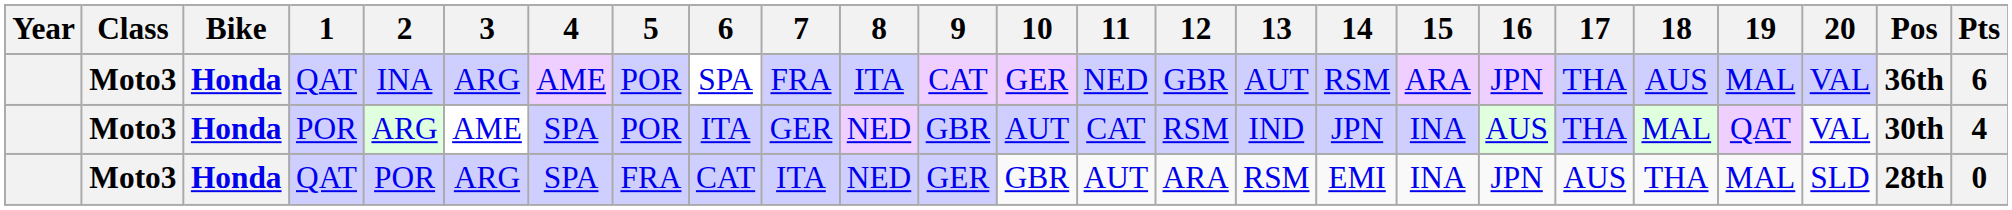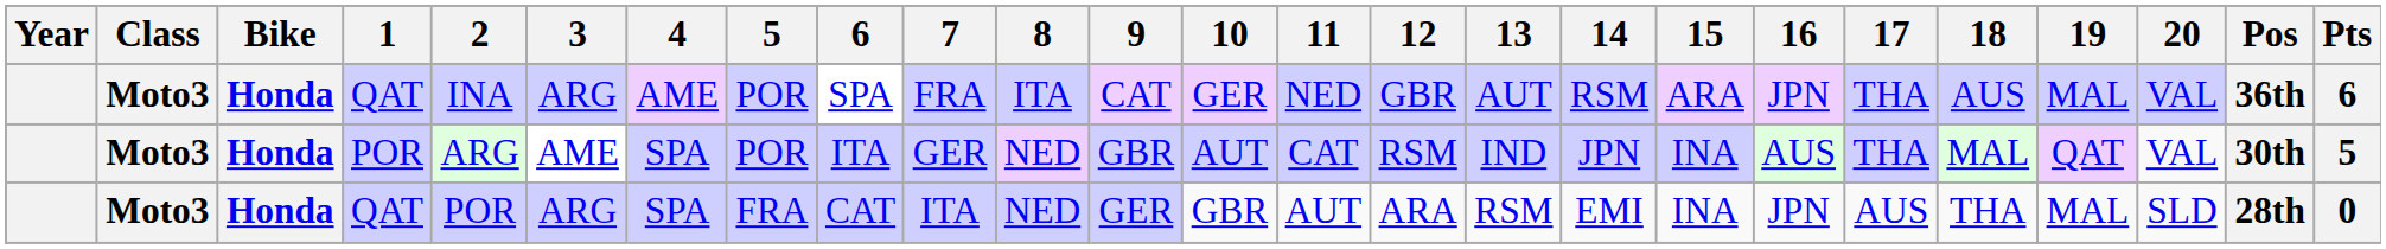 <table class="wikitable" style="text-align:center">
 <tr>
 <th>Year</th>
 <th>Class</th>
 <th>Bike</th>
 <th>1</th>
 <th>2</th>
 <th>3</th>
 <th>4</th>
 <th>5</th>
 <th>6</th>
 <th>7</th>
 <th>8</th>
 <th>9</th>
 <th>10</th>
 <th>11</th>
 <th>12</th>
 <th>13</th>
 <th>14</th>
 <th>15</th>
 <th>16</th>
 <th>17</th>
 <th>18</th>
 <th>19</th>
 <th>20</th>
 <th>Pos</th>
 <th>Pts</th>
 </tr>
 <tr>
 <th></th>
 <th>Moto3</th>
 <th><a href='#'>Honda</a></th>
 <td style="background:#cfcfff;"><a href='#'>QAT</a><br></td>
 <td style="background:#cfcfff;"><a href='#'>INA</a><br></td>
 <td style="background:#cfcfff;"><a href='#'>ARG</a> <br></td>
 <td style="background:#efcfff;"><a href='#'>AME</a><br></td>
 <td style="background:#cfcfff;"><a href='#'>POR</a><br></td>
 <td style="background:#ffffff;"><a href='#'>SPA</a><br></td>
 <td style="background:#cfcfff;"><a href='#'>FRA</a><br></td>
 <td style="background:#cfcfff;"><a href='#'>ITA</a><br></td>
 <td style="background:#efcfff;"><a href='#'>CAT</a><br></td>
 <td style="background:#efcfff;"><a href='#'>GER</a><br></td>
 <td style="background:#cfcfff;"><a href='#'>NED</a><br></td>
 <td style="background:#cfcfff;"><a href='#'>GBR</a><br></td>
 <td style="background:#cfcfff;"><a href='#'>AUT</a><br></td>
 <td style="background:#cfcfff;"><a href='#'>RSM</a><br></td>
 <td style="background:#efcfff;"><a href='#'>ARA</a><br></td>
 <td style="background:#efcfff;"><a href='#'>JPN</a><br></td>
 <td style="background:#cfcfff;"><a href='#'>THA</a><br></td>
 <td style="background:#cfcfff;"><a href='#'>AUS</a><br></td>
 <td style="background:#cfcfff;"><a href='#'>MAL</a><br></td>
 <td style="background:#cfcfff;"><a href='#'>VAL</a><br></td>
 <th>36th</th>
 <th>6</th>
 </tr>
 <tr>
 <th></th>
 <th>Moto3</th>
 <th><a href='#'>Honda</a></th>
 <td style="background:#cfcfff;"><a href='#'>POR</a><br></td>
 <td style="background:#dfffdf;"><a href='#'>ARG</a><br></td>
 <td style="background:#ffffff;"><a href='#'>AME</a><br></td>
 <td style="background:#cfcfff;"><a href='#'>SPA</a><br></td>
 <td style="background:#cfcfff;"><a href='#'>POR</a><br></td>
 <td style="background:#cfcfff;"><a href='#'>ITA</a><br></td>
 <td style="background:#cfcfff;"><a href='#'>GER</a><br></td>
 <td style="background:#efcfff;"><a href='#'>NED</a><br></td>
 <td style="background:#cfcfff;"><a href='#'>GBR</a><br></td>
 <td style="background:#cfcfff;"><a href='#'>AUT</a><br></td>
 <td style="background:#cfcfff;"><a href='#'>CAT</a><br></td>
 <td style="background:#cfcfff;"><a href='#'>RSM</a><br></td>
 <td style="background:#cfcfff;"><a href='#'>IND</a><br></td>
 <td style="background:#cfcfff;"><a href='#'>JPN</a><br></td>
 <td style="background:#cfcfff;"><a href='#'>INA</a><br></td>
 <td style="background:#dfffdf;"><a href='#'>AUS</a><br></td>
 <td style="background:#cfcfff;"><a href='#'>THA</a><br></td>
 <td style="background:#dfffdf;"><a href='#'>MAL</a><br></td>
 <td style="background:#efcfff;"><a href='#'>QAT</a><br></td>
 <td><a href='#'>VAL</a></td>
 <th>30th</th>
-<th>4</th>
+<th>5</th>
 </tr>
 <tr>
 <th></th>
 <th>Moto3</th>
 <th><a href='#'>Honda</a></th>
 <td style="background:#cfcfff;"><a href='#'>QAT</a><br></td>
 <td style="background:#cfcfff;"><a href='#'>POR</a><br></td>
 <td style="background:#cfcfff;"><a href='#'>ARG</a> <br></td>
 <td style="background:#cfcfff;"><a href='#'>SPA</a><br></td>
 <td style="background:#cfcfff;"><a href='#'>FRA</a><br></td>
 <td style="background:#cfcfff;"><a href='#'>CAT</a><br></td>
 <td style="background:#cfcfff;"><a href='#'>ITA</a><br></td>
 <td style="background:#cfcfff;"><a href='#'>NED</a><br></td>
 <td style="background:#cfcfff;"><a href='#'>GER</a><br></td>
 <td><a href='#'>GBR</a></td>
 <td><a href='#'>AUT</a></td>
 <td><a href='#'>ARA</a></td>
 <td><a href='#'>RSM</a></td>
 <td><a href='#'>EMI</a></td>
 <td><a href='#'>INA</a></td>
 <td><a href='#'>JPN</a></td>
 <td><a href='#'>AUS</a></td>
 <td><a href='#'>THA</a></td>
 <td><a href='#'>MAL</a></td>
 <td><a href='#'>SLD</a></td>
 <th>28th</th>
 <th>0</th>
 </tr>
 </table>
